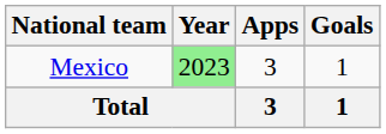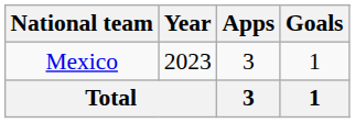 <table class="wikitable" style="text-align: center;">
 <tr>
 <th>National team</th>
 <th>Year</th>
 <th>Apps</th>
 <th>Goals</th>
 </tr>
 <tr>
 <td rowspan="1" valign="center"><a href='#'>Mexico</a></td>
-<td style="background: lightgreen;">2023</td>
+<td>2023</td>
 <td>3</td>
 <td>1</td>
 </tr>
 <tr>
 <th colspan="2">Total</th>
 <th>3</th>
 <th>1</th>
 </tr>
 </table>
